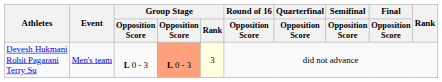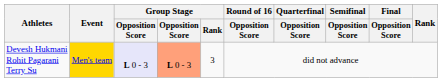 <table class="wikitable" style="font-size:90%">
 <tr>
 <th rowspan=2>Athletes</th>
 <th rowspan=2>Event</th>
 <th colspan=3>Group Stage</th>
 <th>Round of 16</th>
 <th>Quarterfinal</th>
 <th>Semifinal</th>
 <th>Final</th>
 <th rowspan=2>Rank</th>
 </tr>
 <tr style="font-size:95%">
 <th>Opposition<br>Score</th>
 <th>Opposition<br>Score</th>
 <th>Rank</th>
 <th>Opposition<br>Score</th>
 <th>Opposition<br>Score</th>
 <th>Opposition<br>Score</th>
 <th>Opposition<br>Score</th>
 </tr>
 <tr align=center>
 <td align=left><a href='#'>Devesh Hukmani</a><br><a href='#'>Rohit Pagarani</a><br><a href='#'>Terry Su</a></td>
-<td align=left><a href='#'>Men's team</a></td>
-<td><br><strong>L</strong> 0 - 3</td>
+<td align=left style="background: gold;"><a href='#'>Men's team</a></td>
+<td style="background: lavender;"><br><strong>L</strong> 0 - 3</td>
 <td style="background: lightsalmon;"><br><strong>L</strong> 0 - 3</td>
-<td style="background: lightyellow;">3</td>
+<td>3</td>
 <td colspan=5>did not advance</td>
 </tr>
 </table>
